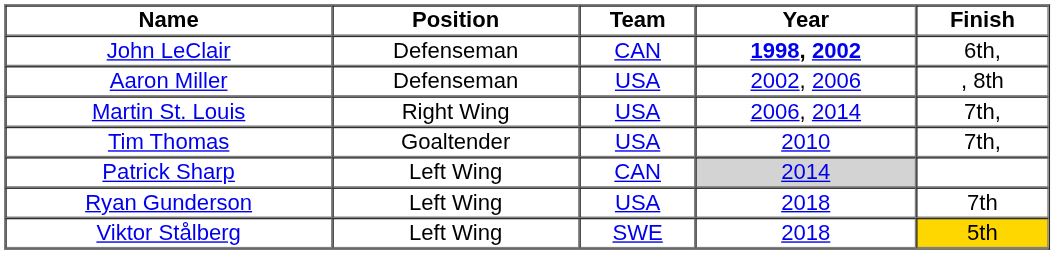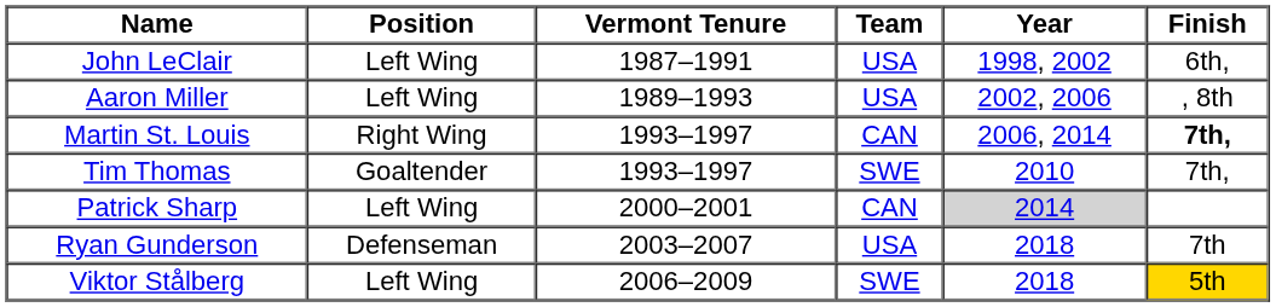 <table cellpadding="1" border="1" cellspacing="0" width="60%">
 <tr>
 <th>Name</th>
 <th>Position</th>
+<th>Vermont Tenure</th>
 <th>Team</th>
 <th>Year</th>
 <th>Finish</th>
 </tr>
 <tr align="center">
 <td><a href='#'>John LeClair</a></td>
-<td>Defenseman</td>
-<td> <a href='#'>CAN</a></td>
-<td><strong><a href='#'>1998</a>, <a href='#'>2002</a></strong></td>
+<td>Left Wing</td>
+<td>1987–1991</td>
+<td> <a href='#'>USA</a></td>
+<td><a href='#'>1998</a>, <a href='#'>2002</a></td>
 <td>6th, </td>
 </tr>
 <tr align="center">
 <td><a href='#'>Aaron Miller</a></td>
-<td>Defenseman</td>
+<td>Left Wing</td>
+<td>1989–1993</td>
 <td> <a href='#'>USA</a></td>
 <td><a href='#'>2002</a>, <a href='#'>2006</a></td>
 <td>, 8th</td>
 </tr>
 <tr align="center">
 <td><a href='#'>Martin St. Louis</a></td>
 <td>Right Wing</td>
-<td> <a href='#'>USA</a></td>
+<td>1993–1997</td>
+<td> <a href='#'>CAN</a></td>
 <td><a href='#'>2006</a>, <a href='#'>2014</a></td>
-<td>7th, </td>
+<td><strong>7th, </strong></td>
 </tr>
 <tr align="center">
 <td><a href='#'>Tim Thomas</a></td>
 <td>Goaltender</td>
-<td> <a href='#'>USA</a></td>
+<td>1993–1997</td>
+<td> <a href='#'>SWE</a></td>
 <td><a href='#'>2010</a></td>
 <td>7th, </td>
 </tr>
 <tr align="center">
 <td><a href='#'>Patrick Sharp</a></td>
 <td>Left Wing</td>
+<td>2000–2001</td>
 <td> <a href='#'>CAN</a></td>
 <td style="background: lightgrey;"><a href='#'>2014</a></td>
 <td></td>
 </tr>
 <tr align="center">
 <td><a href='#'>Ryan Gunderson</a></td>
-<td>Left Wing</td>
+<td>Defenseman</td>
+<td>2003–2007</td>
 <td> <a href='#'>USA</a></td>
 <td><a href='#'>2018</a></td>
 <td>7th</td>
 </tr>
 <tr align="center">
 <td><a href='#'>Viktor Stålberg</a></td>
 <td>Left Wing</td>
+<td>2006–2009</td>
 <td> <a href='#'>SWE</a></td>
 <td><a href='#'>2018</a></td>
 <td style="background: gold;">5th</td>
 </tr>
 </table>
